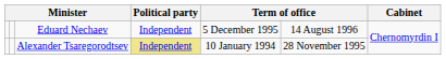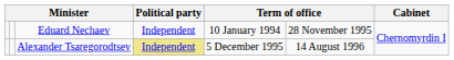 <table class="wikitable" style="text-align:center;">
 <tr>
 <th colspan=3>Minister</th>
 <th>Political party</th>
 <th colspan=2>Term of office</th>
 <th colspan=2>Cabinet</th>
 </tr>
 <tr>
 <td style="background: "></td>
 <td></td>
 <td><a href='#'>Eduard Nechaev</a></td>
 <td><a href='#'>Independent</a></td>
-<td>5 December 1995</td>
-<td>14 August 1996</td>
+<td>10 January 1994</td>
+<td>28 November 1995</td>
 <td rowspan=2><a href='#'>Chernomyrdin I</a></td>
 </tr>
 <tr>
 <td style="background: "></td>
 <td></td>
 <td><a href='#'>Alexander Tsaregorodtsev</a></td>
 <td style="background: khaki;"><a href='#'>Independent</a></td>
-<td>10 January 1994</td>
-<td>28 November 1995</td>
+<td>5 December 1995</td>
+<td>14 August 1996</td>
 </tr>
 </table>
